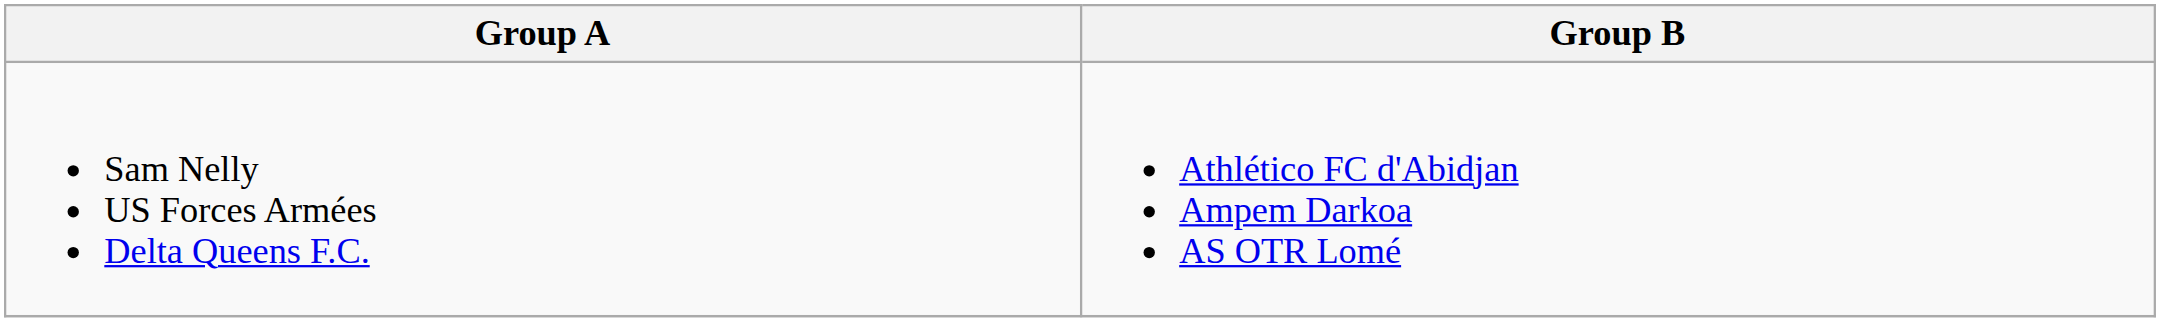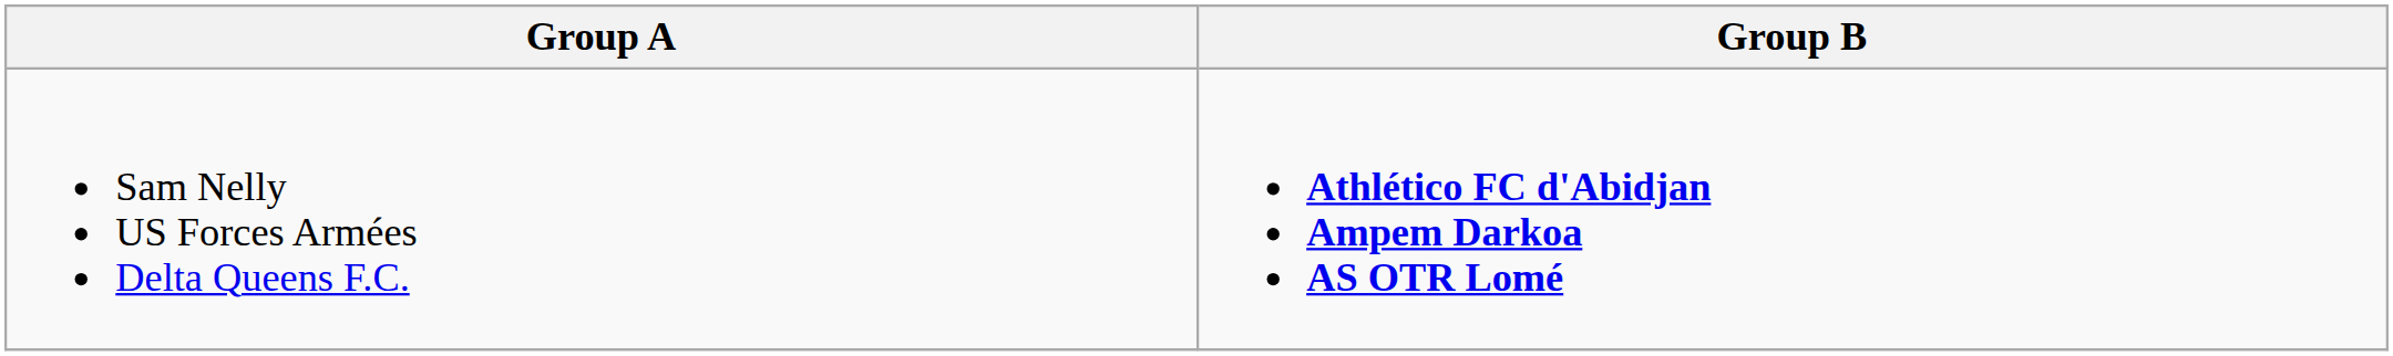 <table class="wikitable" style="width:75%;">
 <tr>
 <th width=25%>Group A</th>
 <th width=25%>Group B</th>
 </tr>
 <tr>
 <td><br><ul><li> Sam Nelly</li><li> US Forces Armées</li><li> <a href='#'>Delta Queens F.C.</a></li></ul></td>
-<td><br><ul><li> <a href='#'>Athlético FC d'Abidjan</a></li><li> <a href='#'>Ampem Darkoa</a></li><li> <a href='#'>AS OTR Lomé</a></li></ul></td>
+<td><strong><br><ul><li> <a href='#'>Athlético FC d'Abidjan</a></li><li> <a href='#'>Ampem Darkoa</a></li><li> <a href='#'>AS OTR Lomé</a></li></ul></strong></td>
 </tr>
 <tr>
 </tr>
 </table>
